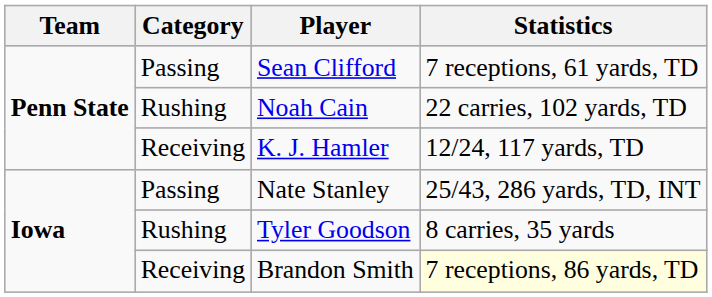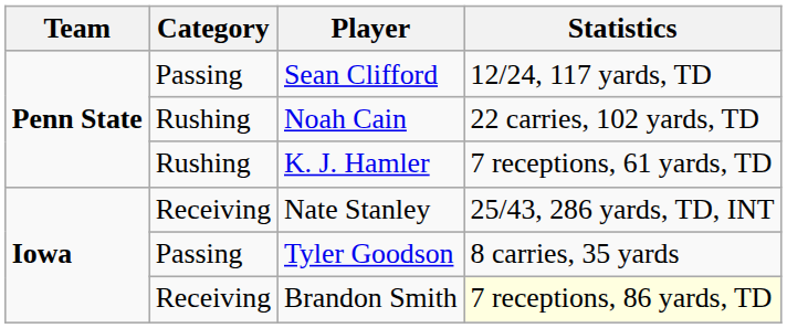 <table class="wikitable" style="float: left;">
 <tr>
 <th>Team</th>
 <th>Category</th>
 <th>Player</th>
 <th>Statistics</th>
 </tr>
 <tr>
 <td rowspan=3><strong>Penn State</strong></td>
 <td>Passing</td>
 <td><a href='#'>Sean Clifford</a></td>
-<td>7 receptions, 61 yards, TD</td>
+<td>12/24, 117 yards, TD</td>
 </tr>
 <tr>
 <td>Rushing</td>
 <td><a href='#'>Noah Cain</a></td>
 <td>22 carries, 102 yards, TD</td>
 </tr>
 <tr>
-<td>Receiving</td>
+<td>Rushing</td>
 <td><a href='#'>K. J. Hamler</a></td>
-<td>12/24, 117 yards, TD</td>
+<td>7 receptions, 61 yards, TD</td>
 </tr>
 <tr>
 <td rowspan=3><strong>Iowa</strong></td>
-<td>Passing</td>
+<td>Receiving</td>
 <td>Nate Stanley</td>
 <td>25/43, 286 yards, TD, INT</td>
 </tr>
 <tr>
-<td>Rushing</td>
+<td>Passing</td>
 <td><a href='#'>Tyler Goodson</a></td>
 <td>8 carries, 35 yards</td>
 </tr>
 <tr>
 <td>Receiving</td>
 <td>Brandon Smith</td>
 <td style="background: lightyellow;">7 receptions, 86 yards, TD</td>
 </tr>
 </table>
